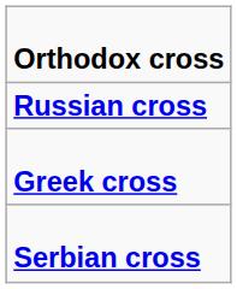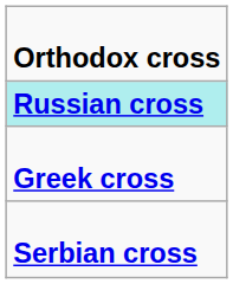 <table class="wikitable" style="float:right; margin-left:10px;">
 <tr>
 <td><br><div> <strong>Orthodox cross</strong></div></td>
 </tr>
 <tr>
-<td><strong><a href='#'>Russian cross</a></strong></td>
+<td style="background: paleturquoise;"><strong><a href='#'>Russian cross</a></strong></td>
 </tr>
 <tr>
 <td><br><div><strong><a href='#'>Greek cross</a></strong></div></td>
 </tr>
 <tr>
 <td><br><div><strong><a href='#'>Serbian cross</a></strong></div></td>
 </tr>
 </table>
